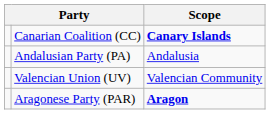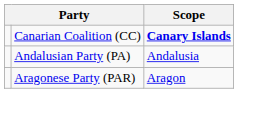 <table class="wikitable" style="text-align:left; font-size:97%;">
 <tr>
 <th colspan="2">Party</th>
 <th>Scope</th>
 </tr>
 <tr>
 <td width="1"></td>
 <td><a href='#'>Canarian Coalition</a> (CC)</td>
 <td><strong><a href='#'>Canary Islands</a></strong></td>
 </tr>
 <tr>
 <td></td>
 <td><a href='#'>Andalusian Party</a> (PA)</td>
 <td><a href='#'>Andalusia</a></td>
 </tr>
 <tr>
 <td></td>
-<td><a href='#'>Valencian Union</a> (UV)</td>
-<td><a href='#'>Valencian Community</a></td>
-</tr>
-<tr>
-<td></td>
 <td><a href='#'>Aragonese Party</a> (PAR)</td>
-<td><strong><a href='#'>Aragon</a></strong></td>
+<td><a href='#'>Aragon</a></td>
 </tr>
 </table>
